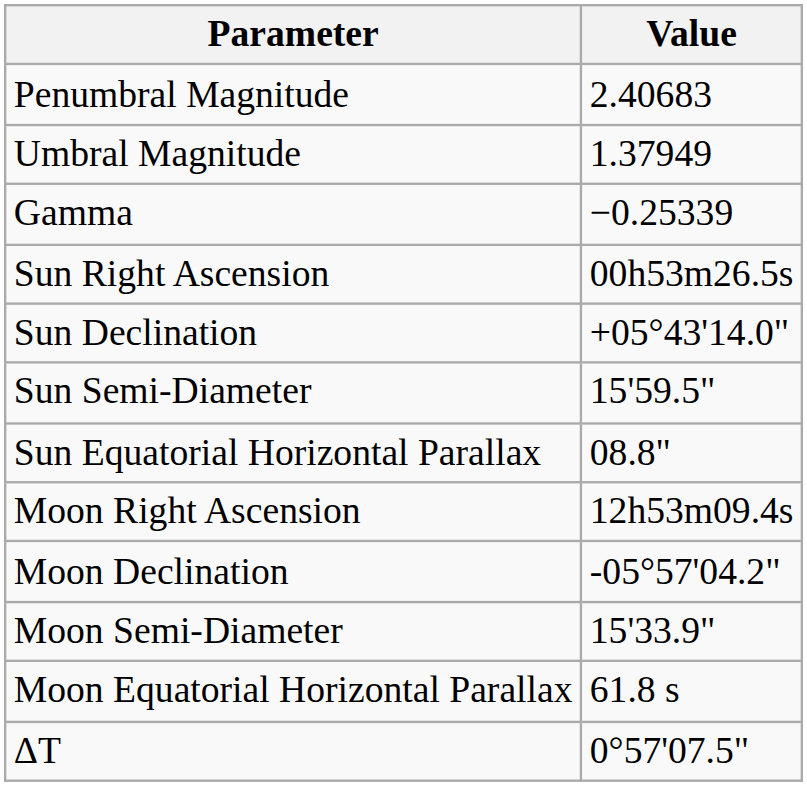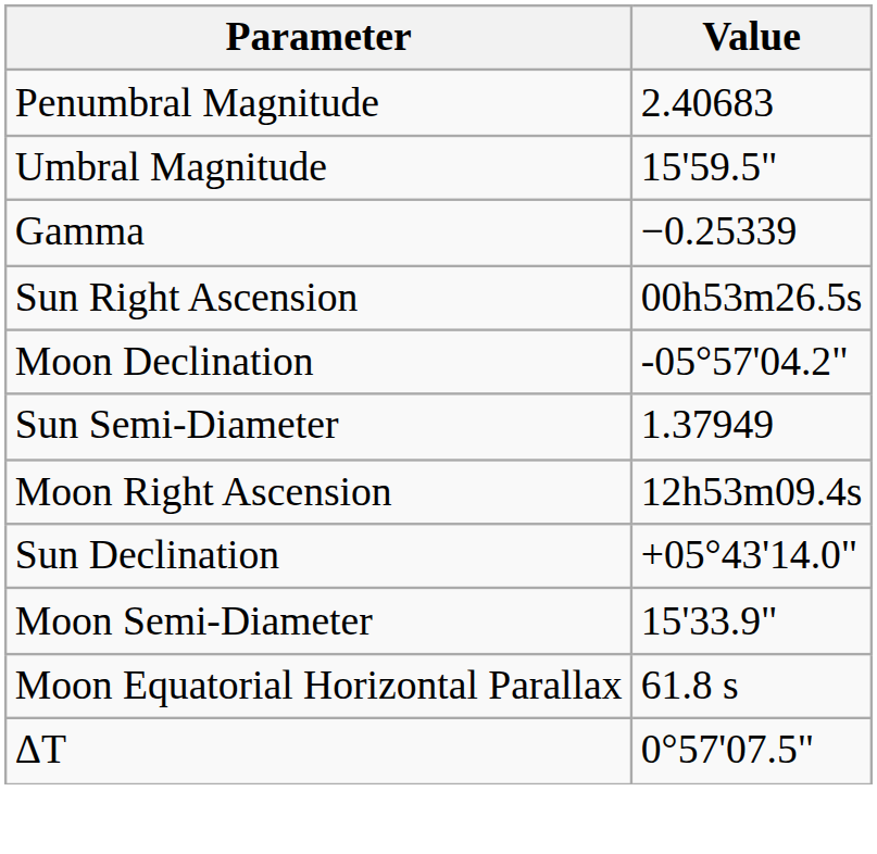 <table class="wikitable">
 <tr>
 <th>Parameter</th>
 <th>Value</th>
 </tr>
 <tr>
 <td>Penumbral Magnitude</td>
 <td>2.40683</td>
 </tr>
 <tr>
 <td>Umbral Magnitude</td>
-<td>1.37949</td>
+<td>15'59.5"</td>
 </tr>
 <tr>
 <td>Gamma</td>
 <td>−0.25339</td>
 </tr>
 <tr>
 <td>Sun Right Ascension</td>
 <td>00h53m26.5s</td>
 </tr>
 <tr>
-<td>Sun Declination</td>
-<td>+05°43'14.0"</td>
+<td>Moon Declination</td>
+<td>-05°57'04.2"</td>
 </tr>
 <tr>
 <td>Sun Semi-Diameter</td>
-<td>15'59.5"</td>
-</tr>
-<tr>
-<td>Sun Equatorial Horizontal Parallax</td>
-<td>08.8"</td>
+<td>1.37949</td>
 </tr>
 <tr>
 <td>Moon Right Ascension</td>
 <td>12h53m09.4s</td>
 </tr>
 <tr>
-<td>Moon Declination</td>
-<td>-05°57'04.2"</td>
+<td>Sun Declination</td>
+<td>+05°43'14.0"</td>
 </tr>
 <tr>
 <td>Moon Semi-Diameter</td>
 <td>15'33.9"</td>
 </tr>
 <tr>
 <td>Moon Equatorial Horizontal Parallax</td>
 <td>61.8 s</td>
 </tr>
 <tr>
 <td>ΔT</td>
 <td>0°57'07.5"</td>
 </tr>
 </table>
